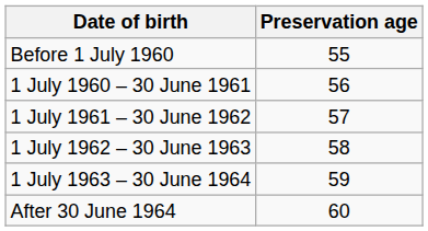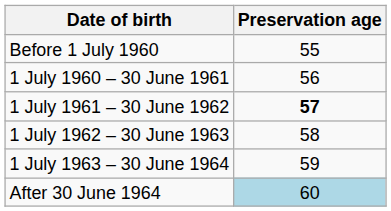 <table class="wikitable" style="font-size:88%; float:right; clear:right; margin-left:1em">
 <tr>
 <th>Date of birth</th>
 <th>Preservation age</th>
 </tr>
 <tr>
 <td>Before 1 July 1960</td>
 <td style="text-align: center">55</td>
 </tr>
 <tr>
 <td>1 July 1960 – 30 June 1961</td>
 <td style="text-align: center">56</td>
 </tr>
 <tr>
 <td>1 July 1961 – 30 June 1962</td>
-<td style="text-align: center">57</td>
+<td style="text-align: center"><strong>57</strong></td>
 </tr>
 <tr>
 <td>1 July 1962 – 30 June 1963</td>
 <td style="text-align: center">58</td>
 </tr>
 <tr>
 <td>1 July 1963 – 30 June 1964</td>
 <td style="text-align: center">59</td>
 </tr>
 <tr>
 <td>After 30 June 1964</td>
-<td style="text-align: center">60</td>
+<td style="background: lightblue; text-align: center">60</td>
 </tr>
 </table>
